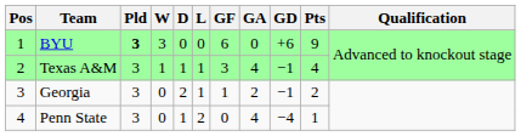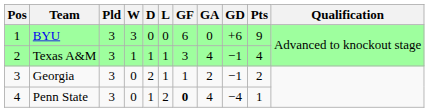 <table class="wikitable" style="text-align:center">
 <tr>
 <th>Pos</th>
 <th>Team</th>
 <th>Pld</th>
 <th>W</th>
 <th>D</th>
 <th>L</th>
 <th>GF</th>
 <th>GA</th>
 <th>GD</th>
 <th>Pts</th>
 <th>Qualification</th>
 </tr>
 <tr bgcolor="#9eff9e">
 <td>1</td>
 <td style="text-align:left"><a href='#'>BYU</a></td>
-<td><strong>3</strong></td>
+<td>3</td>
 <td>3</td>
 <td>0</td>
 <td>0</td>
 <td>6</td>
 <td>0</td>
 <td>+6</td>
 <td>9</td>
 <td rowspan="2">Advanced to knockout stage</td>
 </tr>
 <tr bgcolor="#9eff9e">
 <td>2</td>
 <td style="text-align:left">Texas A&M</td>
 <td>3</td>
 <td>1</td>
 <td>1</td>
 <td>1</td>
 <td>3</td>
 <td>4</td>
 <td>−1</td>
 <td>4</td>
 </tr>
 <tr>
 <td>3</td>
 <td style="text-align:left">Georgia</td>
 <td>3</td>
 <td>0</td>
 <td>2</td>
 <td>1</td>
 <td>1</td>
 <td>2</td>
 <td>−1</td>
 <td>2</td>
 <td rowspan="2"></td>
 </tr>
 <tr>
 <td>4</td>
 <td style="text-align:left">Penn State</td>
 <td>3</td>
 <td>0</td>
 <td>1</td>
 <td>2</td>
-<td>0</td>
+<td><strong>0</strong></td>
 <td>4</td>
 <td>−4</td>
 <td>1</td>
 </tr>
 </table>
